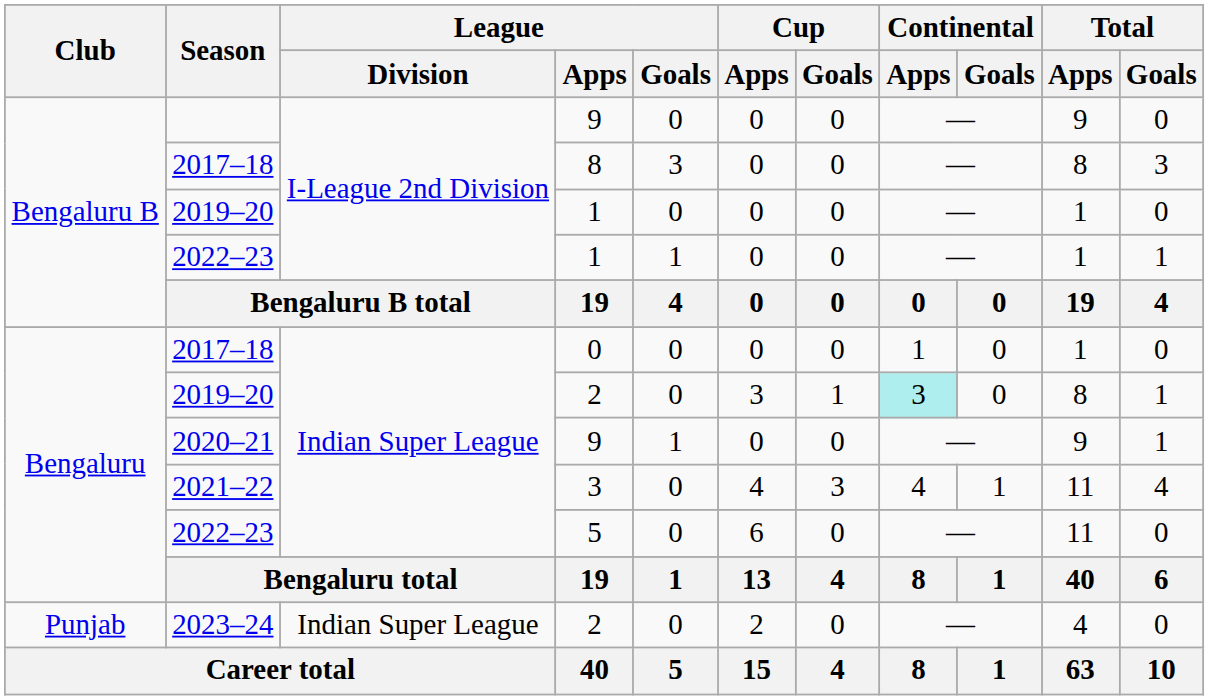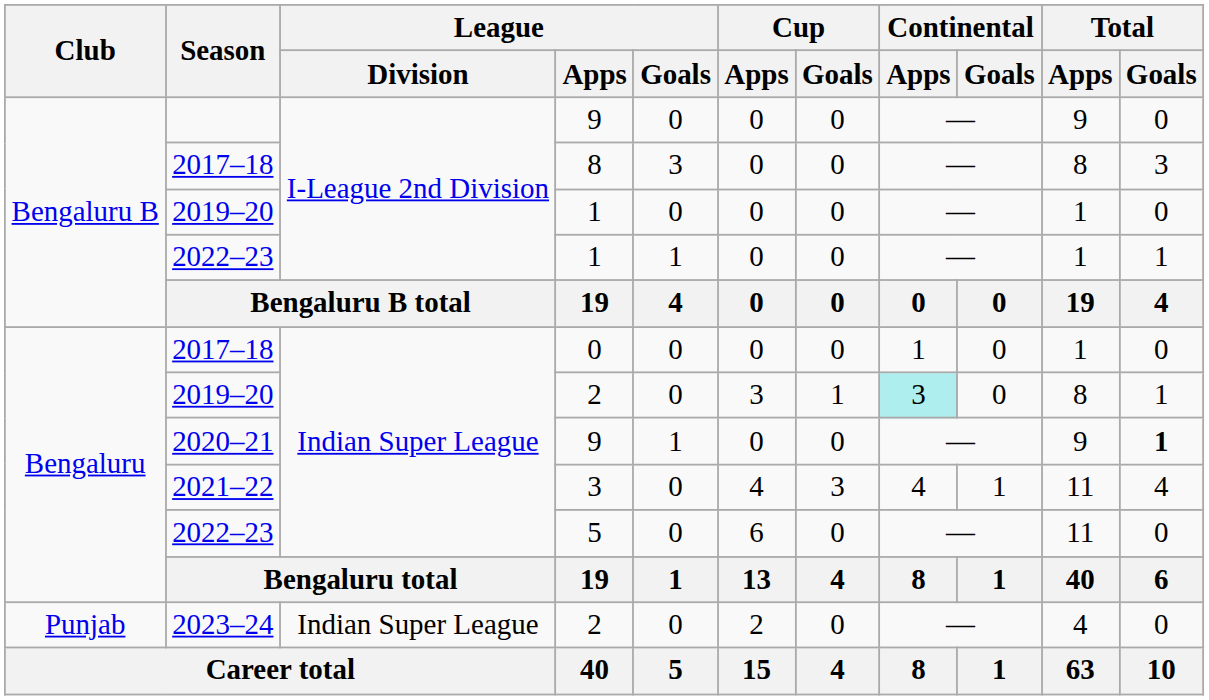 <table class="wikitable" style="text-align: center;">
 <tr>
 <th rowspan="2">Club</th>
 <th rowspan="2">Season</th>
 <th colspan="3">League</th>
 <th colspan="2">Cup</th>
 <th colspan="2">Continental</th>
 <th colspan="2">Total</th>
 </tr>
 <tr>
 <th>Division</th>
 <th>Apps</th>
 <th>Goals</th>
 <th>Apps</th>
 <th>Goals</th>
 <th>Apps</th>
 <th>Goals</th>
 <th>Apps</th>
 <th>Goals</th>
 </tr>
 <tr>
 <td rowspan="5"><a href='#'>Bengaluru B</a></td>
 <td></td>
 <td rowspan="4"><a href='#'>I-League 2nd Division</a></td>
 <td>9</td>
 <td>0</td>
 <td>0</td>
 <td>0</td>
 <td colspan="2">—</td>
 <td>9</td>
 <td>0</td>
 </tr>
 <tr>
 <td><a href='#'>2017–18</a></td>
 <td>8</td>
 <td>3</td>
 <td>0</td>
 <td>0</td>
 <td colspan="2">—</td>
 <td>8</td>
 <td>3</td>
 </tr>
 <tr>
 <td><a href='#'>2019–20</a></td>
 <td>1</td>
 <td>0</td>
 <td>0</td>
 <td>0</td>
 <td colspan="2">—</td>
 <td>1</td>
 <td>0</td>
 </tr>
 <tr>
 <td><a href='#'>2022–23</a></td>
 <td>1</td>
 <td>1</td>
 <td>0</td>
 <td>0</td>
 <td colspan="2">—</td>
 <td>1</td>
 <td>1</td>
 </tr>
 <tr>
 <th colspan="2">Bengaluru B total</th>
 <th>19</th>
 <th>4</th>
 <th>0</th>
 <th>0</th>
 <th>0</th>
 <th>0</th>
 <th>19</th>
 <th>4</th>
 </tr>
 <tr>
 <td rowspan="6"><a href='#'>Bengaluru</a></td>
 <td><a href='#'>2017–18</a></td>
 <td rowspan="5"><a href='#'>Indian Super League</a></td>
 <td>0</td>
 <td>0</td>
 <td>0</td>
 <td>0</td>
 <td>1</td>
 <td>0</td>
 <td>1</td>
 <td>0</td>
 </tr>
 <tr>
 <td><a href='#'>2019–20</a></td>
 <td>2</td>
 <td>0</td>
 <td>3</td>
 <td>1</td>
 <td style="background: paleturquoise;">3</td>
 <td>0</td>
 <td>8</td>
 <td>1</td>
 </tr>
 <tr>
 <td><a href='#'>2020–21</a></td>
 <td>9</td>
 <td>1</td>
 <td>0</td>
 <td>0</td>
 <td colspan="2">—</td>
 <td>9</td>
-<td>1</td>
+<td><strong>1</strong></td>
 </tr>
 <tr>
 <td><a href='#'>2021–22</a></td>
 <td>3</td>
 <td>0</td>
 <td>4</td>
 <td>3</td>
 <td>4</td>
 <td>1</td>
 <td>11</td>
 <td>4</td>
 </tr>
 <tr>
 <td><a href='#'>2022–23</a></td>
 <td>5</td>
 <td>0</td>
 <td>6</td>
 <td>0</td>
 <td colspan="2">—</td>
 <td>11</td>
 <td>0</td>
 </tr>
 <tr>
 <th colspan="2">Bengaluru total</th>
 <th>19</th>
 <th>1</th>
 <th>13</th>
 <th>4</th>
 <th>8</th>
 <th>1</th>
 <th>40</th>
 <th>6</th>
 </tr>
 <tr>
 <td rowspan="1"><a href='#'>Punjab</a></td>
 <td><a href='#'>2023–24</a></td>
 <td rowspan="1">Indian Super League</td>
 <td>2</td>
 <td>0</td>
 <td>2</td>
 <td>0</td>
 <td colspan="2">—</td>
 <td>4</td>
 <td>0</td>
 </tr>
 <tr>
 <th colspan="3">Career total</th>
 <th>40</th>
 <th>5</th>
 <th>15</th>
 <th>4</th>
 <th>8</th>
 <th>1</th>
 <th>63</th>
 <th>10</th>
 </tr>
 </table>
